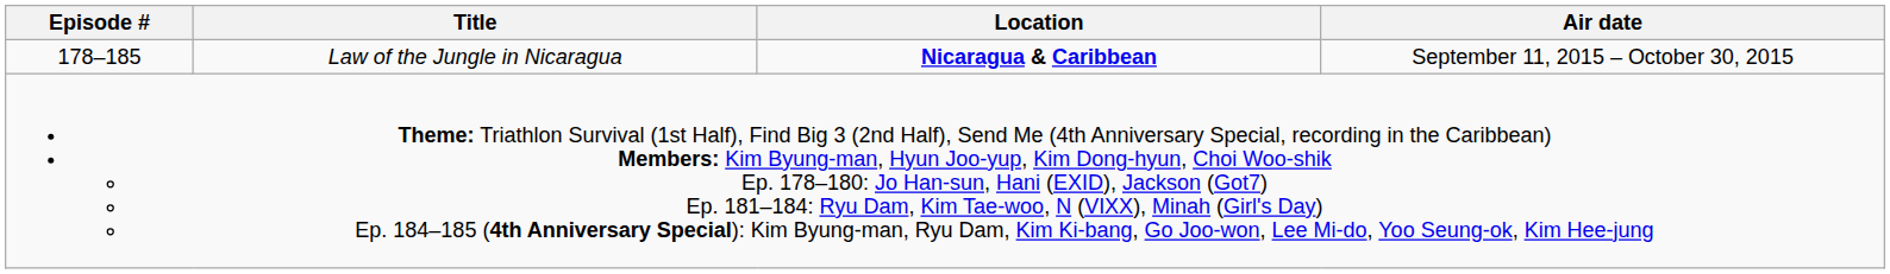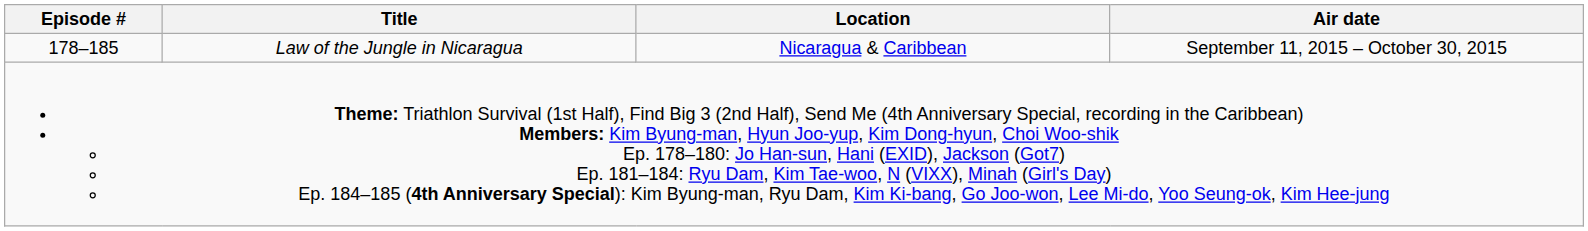 <table class="wikitable" style="text-align:center; font-size:90%; width:100%;">
 <tr>
 <th width="10%">Episode #</th>
 <th width="30%">Title</th>
 <th width="30%">Location</th>
 <th width="30%">Air date</th>
 </tr>
 <tr>
 <td>178–185</td>
 <td><em>Law of the Jungle in Nicaragua</em></td>
-<td><strong><a href='#'>Nicaragua</a> & <a href='#'>Caribbean</a></strong></td>
+<td><a href='#'>Nicaragua</a> & <a href='#'>Caribbean</a></td>
 <td>September 11, 2015 – October 30, 2015</td>
 </tr>
 <tr>
 <td colspan="4"><br><ul><li><strong>Theme:</strong> Triathlon Survival (1st Half), Find Big 3 (2nd Half), Send Me (4th Anniversary Special, recording in the Caribbean)</li><li><strong>Members:</strong> <a href='#'>Kim Byung-man</a>, <a href='#'>Hyun Joo-yup</a>, <a href='#'>Kim Dong-hyun</a>, <a href='#'>Choi Woo-shik</a><ul><li>Ep. 178–180: <a href='#'>Jo Han-sun</a>, <a href='#'>Hani</a> (<a href='#'>EXID</a>), <a href='#'>Jackson</a> (<a href='#'>Got7</a>)</li><li>Ep. 181–184: <a href='#'>Ryu Dam</a>, <a href='#'>Kim Tae-woo</a>, <a href='#'>N</a> (<a href='#'>VIXX</a>), <a href='#'>Minah</a> (<a href='#'>Girl's Day</a>)</li><li>Ep. 184–185 (<strong>4th Anniversary Special</strong>): Kim Byung-man, Ryu Dam, <a href='#'>Kim Ki-bang</a>, <a href='#'>Go Joo-won</a>, <a href='#'>Lee Mi-do</a>, <a href='#'>Yoo Seung-ok</a>, <a href='#'>Kim Hee-jung</a></li></ul></li></ul></td>
 </tr>
 </table>
